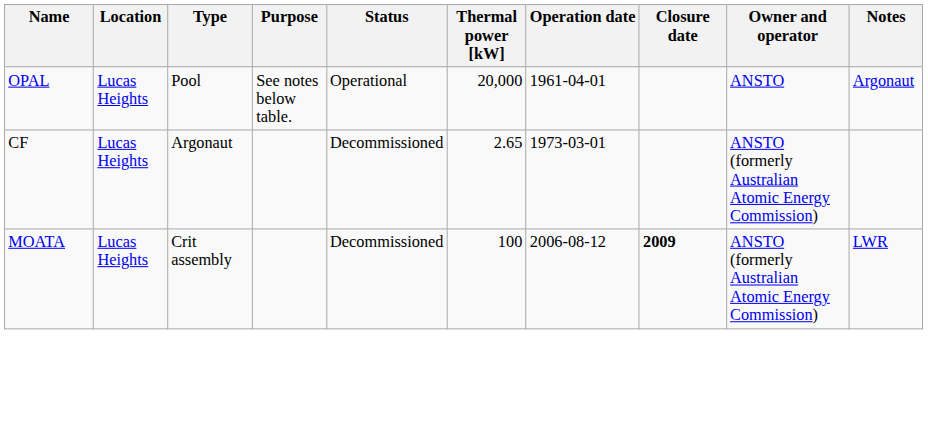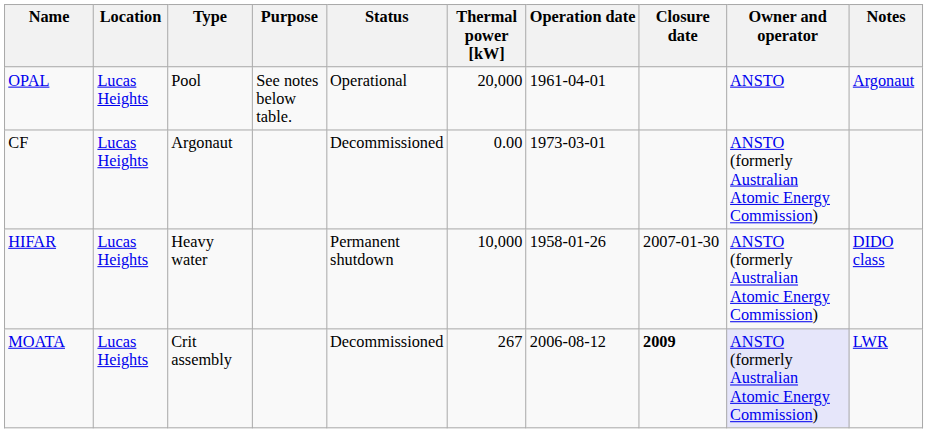 <table class="wikitable" >
 <tr valign="top">
 <th width="80">Name</th>
 <th width="65">Location</th>
 <th width="76">Type</th>
 <th width="65">Purpose</th>
 <th width="91">Status</th>
 <th width="70“">Thermal power [kW]</th>
 <th width=„67“>Operation date</th>
 <th width="78“">Closure date</th>
 <th width="113“">Owner and operator</th>
 <th width="65">Notes</th>
 </tr>
 <tr valign="top">
 <td><a href='#'>OPAL</a></td>
 <td><a href='#'>Lucas Heights</a></td>
 <td>Pool</td>
 <td>See notes below table.</td>
 <td>Operational</td>
 <td align="right">20,000</td>
 <td>1961-04-01</td>
 <td></td>
 <td><a href='#'>ANSTO</a></td>
 <td><a href='#'>Argonaut</a></td>
 </tr>
 <tr valign="top">
 <td>CF</td>
 <td><a href='#'>Lucas Heights</a></td>
 <td>Argonaut</td>
 <td></td>
 <td>Decommissioned</td>
-<td align="right">2.65</td>
+<td align="right">0.00</td>
 <td>1973-03-01</td>
 <td></td>
 <td><a href='#'>ANSTO</a> (formerly <a href='#'>Australian Atomic Energy Commission</a>)</td>
 <td></td>
+</tr>
+<tr valign="top">
+<td><a href='#'>HIFAR</a></td>
+<td><a href='#'>Lucas Heights</a></td>
+<td>Heavy water</td>
+<td></td>
+<td>Permanent shutdown</td>
+<td align="right">10,000</td>
+<td>1958-01-26</td>
+<td>2007-01-30</td>
+<td><a href='#'>ANSTO</a> (formerly <a href='#'>Australian Atomic Energy Commission</a>)</td>
+<td><a href='#'>DIDO class</a></td>
 </tr>
 <tr valign="top">
 <td><a href='#'>MOATA</a></td>
 <td><a href='#'>Lucas Heights</a></td>
 <td>Crit assembly</td>
 <td></td>
 <td>Decommissioned</td>
-<td align="right">100</td>
+<td align="right">267</td>
 <td>2006-08-12</td>
 <td><strong>2009</strong></td>
-<td><a href='#'>ANSTO</a> (formerly <a href='#'>Australian Atomic Energy Commission</a>)</td>
+<td style="background: lavender;"><a href='#'>ANSTO</a> (formerly <a href='#'>Australian Atomic Energy Commission</a>)</td>
 <td><a href='#'>LWR</a></td>
 </tr>
 </table>
